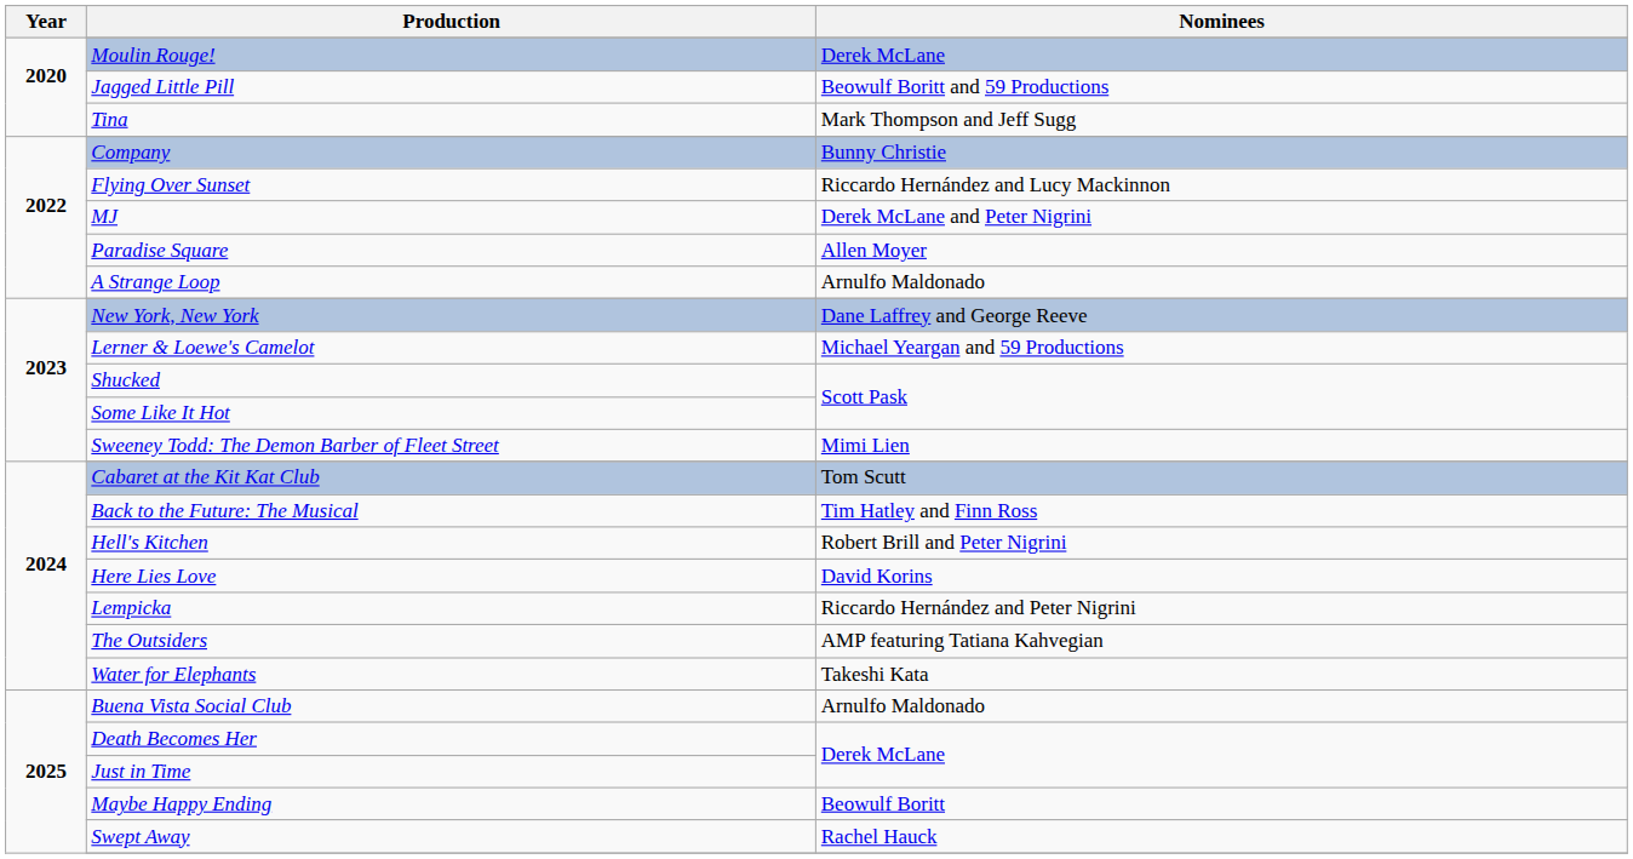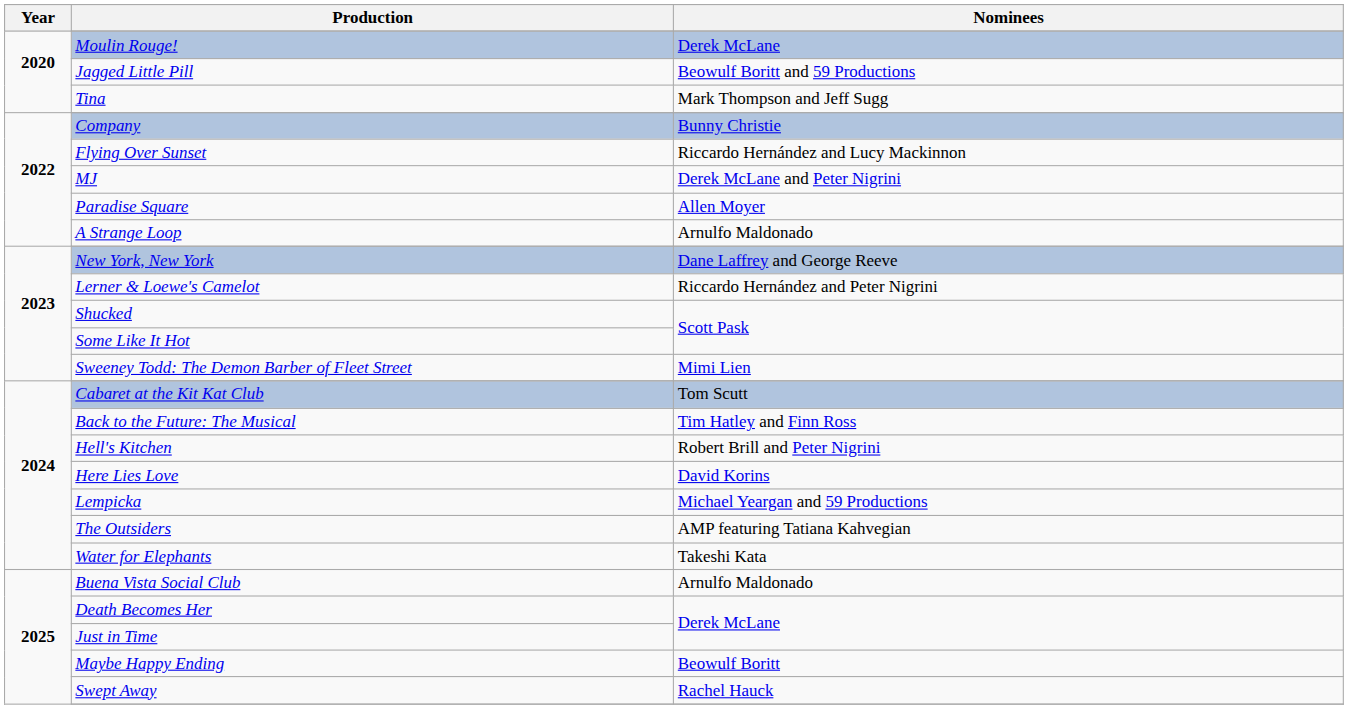 <table class="wikitable" style="width:100%;">
 <tr style="background:#bebebe;">
 <th style="width:5%;">Year</th>
 <th style="width:45%;”">Production</th>
 <th style="width:50%;”">Nominees</th>
 </tr>
 <tr>
 <td rowspan="4" align="center"><strong>2020</strong><br><br></td>
 </tr>
 <tr style="background:#B0C4DE">
 <td><em><a href='#'>Moulin Rouge!</a></em></td>
 <td><a href='#'>Derek McLane</a></td>
 </tr>
 <tr>
 <td><em><a href='#'>Jagged Little Pill</a></em></td>
 <td><a href='#'>Beowulf Boritt</a> and <a href='#'>59 Productions</a></td>
 </tr>
 <tr>
 <td><em><a href='#'>Tina</a></em></td>
 <td>Mark Thompson and Jeff Sugg</td>
 </tr>
 <tr>
 <td rowspan="6" align="center"><strong>2022</strong><br><br></td>
 </tr>
 <tr style="background:#B0C4DE">
 <td><em><a href='#'>Company</a></em></td>
 <td><a href='#'>Bunny Christie</a></td>
 </tr>
 <tr>
 <td><em><a href='#'>Flying Over Sunset</a></em></td>
 <td>Riccardo Hernández and Lucy Mackinnon</td>
 </tr>
 <tr>
 <td><em><a href='#'>MJ</a></em></td>
 <td><a href='#'>Derek McLane</a> and <a href='#'>Peter Nigrini</a></td>
 </tr>
 <tr>
 <td><em><a href='#'>Paradise Square</a></em></td>
 <td><a href='#'>Allen Moyer</a></td>
 </tr>
 <tr>
 <td><em><a href='#'>A Strange Loop</a></em></td>
 <td>Arnulfo Maldonado</td>
 </tr>
 <tr>
 <td rowspan="6" align="center"><strong>2023</strong><br><br></td>
 </tr>
 <tr style="background:#B0C4DE">
 <td><em><a href='#'>New York, New York</a></em></td>
 <td><a href='#'>Dane Laffrey</a> and George Reeve</td>
 </tr>
 <tr>
 <td><em><a href='#'>Lerner & Loewe's Camelot</a></em></td>
-<td><a href='#'>Michael Yeargan</a> and <a href='#'>59 Productions</a></td>
+<td>Riccardo Hernández and Peter Nigrini</td>
 </tr>
 <tr>
 <td><em><a href='#'>Shucked</a></em></td>
 <td rowspan=2><a href='#'>Scott Pask</a></td>
 </tr>
 <tr>
 <td><em><a href='#'>Some Like It Hot</a></em></td>
 </tr>
 <tr>
 <td><em><a href='#'>Sweeney Todd: The Demon Barber of Fleet Street</a></em></td>
 <td><a href='#'>Mimi Lien</a></td>
 </tr>
 <tr>
 <td rowspan="8" align="center"><strong>2024</strong><br><br></td>
 </tr>
 <tr style="background:#B0C4DE">
 <td><em><a href='#'>Cabaret at the Kit Kat Club</a></em></td>
 <td>Tom Scutt</td>
 </tr>
 <tr>
 <td><em><a href='#'>Back to the Future: The Musical</a></em></td>
 <td><a href='#'>Tim Hatley</a> and <a href='#'>Finn Ross</a></td>
 </tr>
 <tr>
 <td><em><a href='#'>Hell's Kitchen</a></em></td>
 <td>Robert Brill and <a href='#'>Peter Nigrini</a></td>
 </tr>
 <tr>
 <td><em><a href='#'>Here Lies Love</a></em></td>
 <td><a href='#'>David Korins</a></td>
 </tr>
 <tr>
 <td><em><a href='#'>Lempicka</a></em></td>
-<td>Riccardo Hernández and Peter Nigrini</td>
+<td><a href='#'>Michael Yeargan</a> and <a href='#'>59 Productions</a></td>
 </tr>
 <tr>
 <td><em><a href='#'>The Outsiders</a></em></td>
 <td>AMP featuring Tatiana Kahvegian</td>
 </tr>
 <tr>
 <td><em><a href='#'>Water for Elephants</a></em></td>
 <td>Takeshi Kata</td>
 </tr>
 <tr>
 <td rowspan="6" align="center"><strong>2025</strong><br></td>
 <td><em><a href='#'>Buena Vista Social Club</a></em></td>
 <td>Arnulfo Maldonado</td>
 </tr>
 <tr>
 <td><em><a href='#'>Death Becomes Her</a></em></td>
 <td rowspan=2><a href='#'>Derek McLane</a></td>
 </tr>
 <tr>
 <td><em><a href='#'>Just in Time</a></em></td>
 </tr>
 <tr>
 <td><em><a href='#'>Maybe Happy Ending</a></em></td>
 <td><a href='#'>Beowulf Boritt</a></td>
 </tr>
 <tr>
 <td><em><a href='#'>Swept Away</a></em></td>
 <td><a href='#'>Rachel Hauck</a></td>
 </tr>
 <tr>
 </tr>
 </table>
